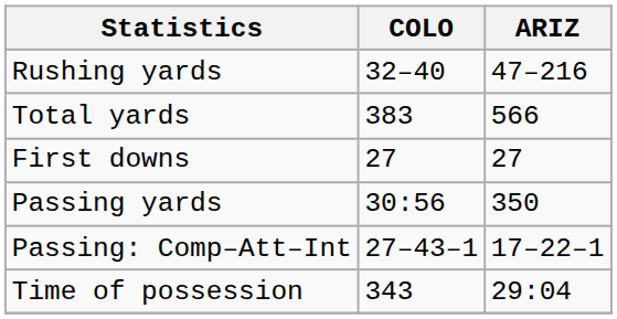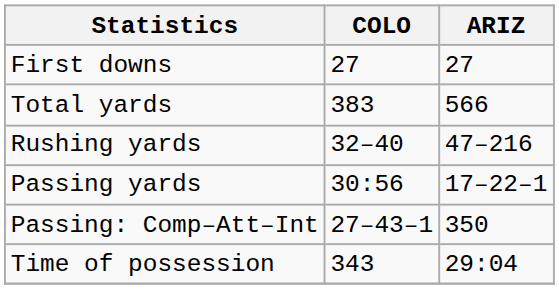 <table class="wikitable" style="float: left;">
 <tr>
 <th>Statistics</th>
 <th>COLO</th>
 <th>ARIZ</th>
 </tr>
 <tr>
-<td>Rushing yards</td>
-<td>32–40</td>
-<td>47–216</td>
+<td>First downs</td>
+<td>27</td>
+<td>27</td>
 </tr>
 <tr>
 <td>Total yards</td>
 <td>383</td>
 <td>566</td>
 </tr>
 <tr>
-<td>First downs</td>
-<td>27</td>
-<td>27</td>
+<td>Rushing yards</td>
+<td>32–40</td>
+<td>47–216</td>
 </tr>
 <tr>
 <td>Passing yards</td>
 <td>30:56</td>
-<td>350</td>
+<td>17–22–1</td>
 </tr>
 <tr>
 <td>Passing: Comp–Att–Int</td>
 <td>27–43–1</td>
-<td>17–22–1</td>
+<td>350</td>
 </tr>
 <tr>
 <td>Time of possession</td>
 <td>343</td>
 <td>29:04</td>
 </tr>
 <tr>
 </tr>
 </table>
